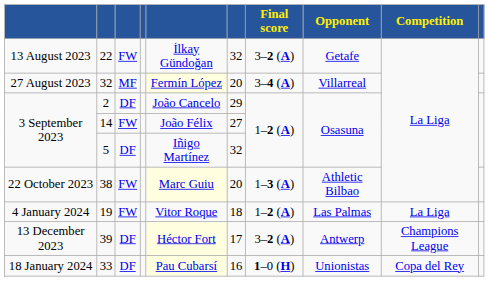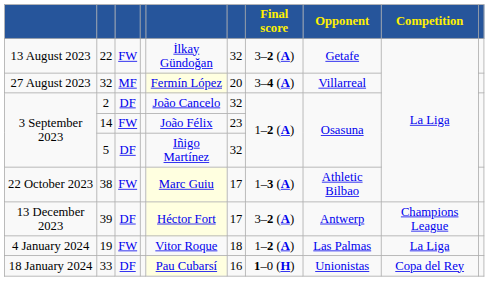 <table class="wikitable" style="text-align:center">
 <tr>
 <th style="background:#26559B;color:#FFF000;"></th>
 <th style="background:#26559B;color:#FFF000;"></th>
 <th style="background:#26559B;color:#FFF000;"></th>
 <th style="background:#26559B;color:#FFF000;"></th>
 <th style="background:#26559B;color:#FFF000;"></th>
 <th style="background:#26559B;color:#FFF000;"></th>
 <th style="background:#26559B;color:#FFF000;">Final score</th>
 <th style="background:#26559B;color:#FFF000;">Opponent</th>
 <th style="background:#26559B;color:#FFF000;">Competition</th>
 <th style="background:#26559B;color:#FFF000;"></th>
 </tr>
 <tr>
 <td>13 August 2023</td>
 <td>22</td>
 <td><a href='#'>FW</a></td>
 <td></td>
 <td><a href='#'>İlkay Gündoğan</a></td>
 <td>32</td>
 <td>3–<strong>2</strong> (<a href='#'><strong>A</strong></a>)</td>
 <td><a href='#'>Getafe</a></td>
 <td rowspan=6><a href='#'>La Liga</a></td>
 <td></td>
 </tr>
 <tr>
 <td>27 August 2023</td>
 <td>32</td>
 <td><a href='#'>MF</a></td>
 <td></td>
 <td style="background-color:lightyellow"><a href='#'>Fermín López</a></td>
 <td>20</td>
 <td>3–<strong>4</strong> (<a href='#'><strong>A</strong></a>)</td>
 <td><a href='#'>Villarreal</a></td>
 <td></td>
 </tr>
 <tr>
 <td rowspan=3>3 September 2023</td>
 <td>2</td>
 <td><a href='#'>DF</a></td>
 <td></td>
 <td><a href='#'>João Cancelo</a></td>
-<td>29</td>
+<td>32</td>
 <td rowspan=3>1–<strong>2</strong> (<a href='#'><strong>A</strong></a>)</td>
 <td rowspan=3><a href='#'>Osasuna</a></td>
 <td rowspan=3></td>
 </tr>
 <tr>
 <td>14</td>
 <td><a href='#'>FW</a></td>
 <td></td>
 <td><a href='#'>João Félix</a></td>
-<td>27</td>
+<td>23</td>
 </tr>
 <tr>
 <td>5</td>
 <td><a href='#'>DF</a></td>
 <td></td>
 <td><a href='#'>Iñigo Martínez</a></td>
 <td>32</td>
 </tr>
 <tr>
 <td>22 October 2023</td>
 <td>38</td>
 <td><a href='#'>FW</a></td>
 <td></td>
 <td style="background-color:lightyellow"><a href='#'>Marc Guiu</a></td>
-<td>20</td>
+<td>17</td>
 <td>1–<strong>3</strong> (<a href='#'><strong>A</strong></a>)</td>
 <td><a href='#'>Athletic Bilbao</a></td>
+<td></td>
+</tr>
+<tr>
+<td>13 December 2023</td>
+<td>39</td>
+<td><a href='#'>DF</a></td>
+<td></td>
+<td style="background-color:lightyellow"><a href='#'>Héctor Fort</a></td>
+<td>17</td>
+<td>3–<strong>2</strong> (<a href='#'><strong>A</strong></a>)</td>
+<td> <a href='#'>Antwerp</a></td>
+<td><a href='#'>Champions League</a></td>
 <td></td>
 </tr>
 <tr>
 <td>4 January 2024</td>
 <td>19</td>
 <td><a href='#'>FW</a></td>
 <td></td>
 <td><a href='#'>Vitor Roque</a></td>
 <td>18</td>
 <td>1–<strong>2</strong> (<a href='#'><strong>A</strong></a>)</td>
 <td><a href='#'>Las Palmas</a></td>
 <td><a href='#'>La Liga</a></td>
 <td></td>
 </tr>
 <tr>
-<td>13 December 2023</td>
-<td>39</td>
-<td><a href='#'>DF</a></td>
-<td></td>
-<td style="background-color:lightyellow"><a href='#'>Héctor Fort</a></td>
-<td>17</td>
-<td>3–<strong>2</strong> (<a href='#'><strong>A</strong></a>)</td>
-<td> <a href='#'>Antwerp</a></td>
-<td><a href='#'>Champions League</a></td>
-<td></td>
-</tr>
-<tr>
 <td>18 January 2024</td>
 <td>33</td>
 <td><a href='#'>DF</a></td>
 <td></td>
 <td style="background-color:lightyellow"><a href='#'>Pau Cubarsí</a></td>
 <td>16</td>
 <td><strong>1</strong>–0 (<a href='#'><strong>H</strong></a>)</td>
 <td><a href='#'>Unionistas</a></td>
 <td><a href='#'>Copa del Rey</a></td>
 <td></td>
 </tr>
 </table>
